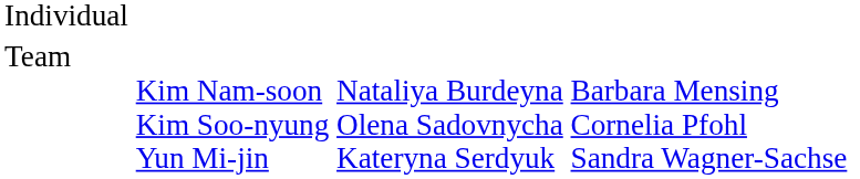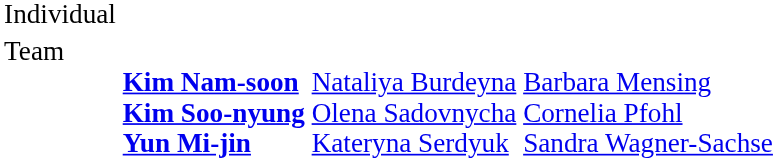 <table>
 <tr>
 <td>Individual<br></td>
 <td></td>
 <td></td>
 <td></td>
 </tr>
 <tr valign="top">
 <td>Team<br></td>
-<td><br><a href='#'>Kim Nam-soon</a><br><a href='#'>Kim Soo-nyung</a><br><a href='#'>Yun Mi-jin</a></td>
+<td><strong><br><a href='#'>Kim Nam-soon</a><br><a href='#'>Kim Soo-nyung</a><br><a href='#'>Yun Mi-jin</a></strong></td>
 <td><br><a href='#'>Nataliya Burdeyna</a><br><a href='#'>Olena Sadovnycha</a><br><a href='#'>Kateryna Serdyuk</a></td>
 <td><br><a href='#'>Barbara Mensing</a><br><a href='#'>Cornelia Pfohl</a><br><a href='#'>Sandra Wagner-Sachse</a></td>
 </tr>
 </table>
